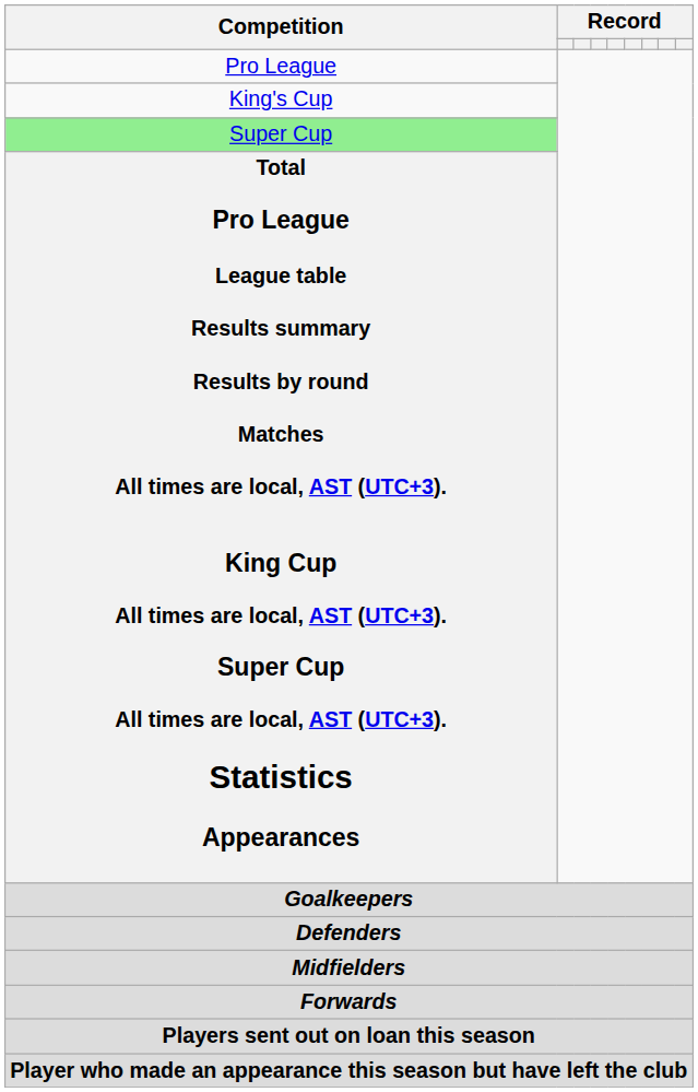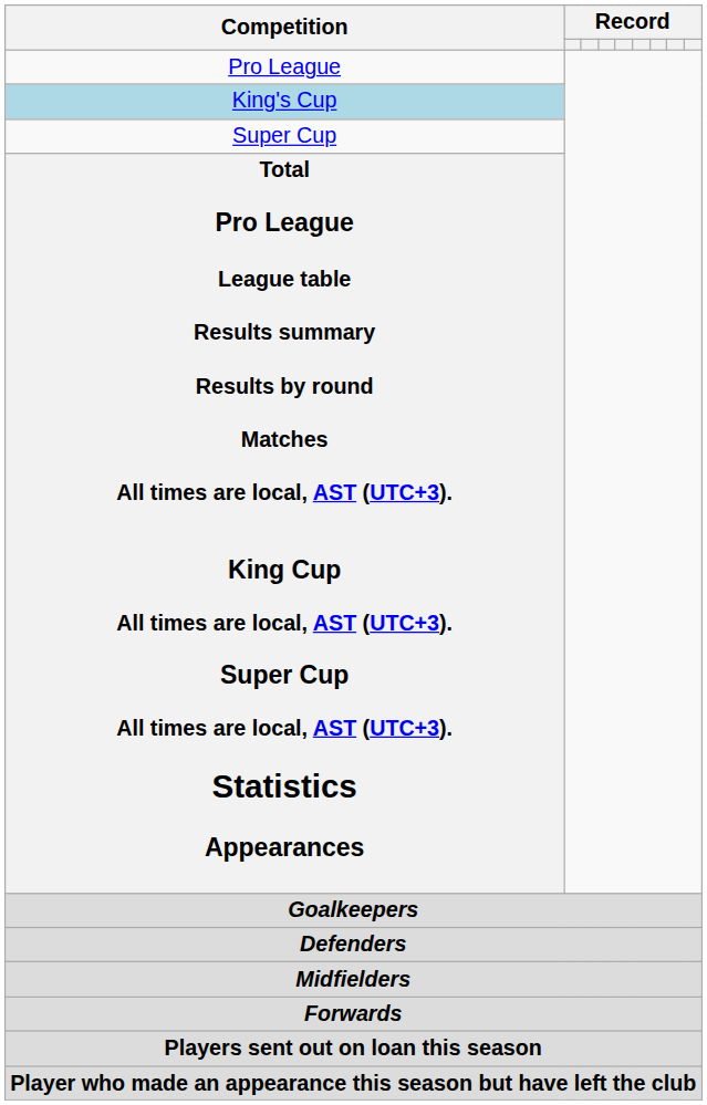 <table class="wikitable" style="text-align: center">
 <tr>
 <th rowspan=2>Competition</th>
 <th colspan=8>Record</th>
 </tr>
 <tr>
 <th></th>
 <th></th>
 <th></th>
 <th></th>
 <th></th>
 <th></th>
 <th></th>
 <th></th>
 </tr>
 <tr>
 <td><a href='#'>Pro League</a><br></td>
 </tr>
 <tr>
-<td><a href='#'>King's Cup</a><br></td>
+<td style="background: lightblue;"><a href='#'>King's Cup</a><br></td>
 </tr>
 <tr>
-<td style="background: lightgreen;"><a href='#'>Super Cup</a><br></td>
+<td><a href='#'>Super Cup</a><br></td>
 </tr>
 <tr>
 <th>Total<br> <h3>Pro League</h3><h4>League table</h4><h4>Results summary</h4> <h4>Results by round</h4><h4>Matches</h4>All times are local, <a href='#'>AST</a> (<a href='#'>UTC+3</a>).<br>   <br>                             <h3>King Cup</h3> All times are local, <a href='#'>AST</a> (<a href='#'>UTC+3</a>).<br>  <h3>Super Cup</h3> All times are local, <a href='#'>AST</a> (<a href='#'>UTC+3</a>).<br><h2>Statistics</h2><h3>Appearances</h3></th>
 </tr>
 <tr>
 <th colspan=16 style=background:#dcdcdc; text-align:center><em>Goalkeepers</em><br>    </th>
 </tr>
 <tr>
 <th colspan=16 style=background:#dcdcdc; text-align:center><em>Defenders</em><br>          </th>
 </tr>
 <tr>
 <th colspan=16 style=background:#dcdcdc; text-align:center><em>Midfielders</em><br>           </th>
 </tr>
 <tr>
 <th colspan=16 style=background:#dcdcdc; text-align:center><em>Forwards</em><br>   </th>
 </tr>
 <tr>
 <th colspan=14 style=background:#dcdcdc; text-align:center>Players sent out on loan this season<br> </th>
 </tr>
 <tr>
 <th colspan=18 style=background:#dcdcdc; text-align:center>Player who made an appearance this season but have left the club<br>  </th>
 </tr>
 </table>
